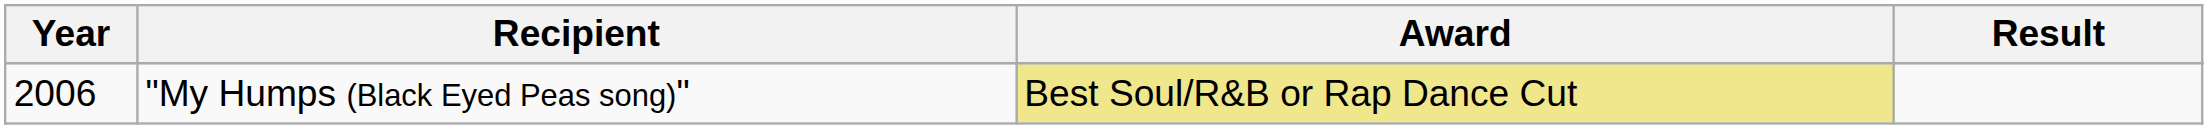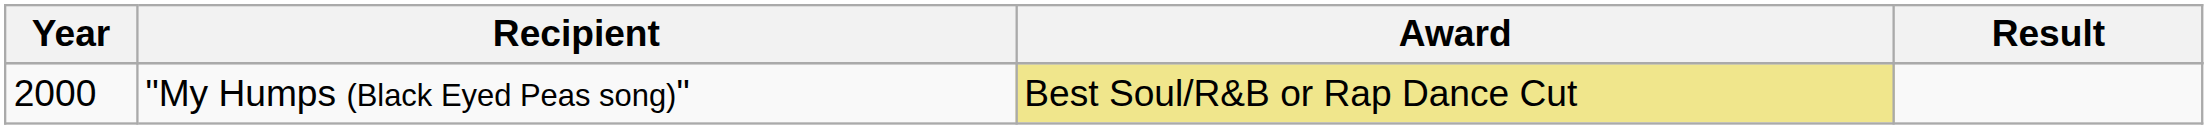 <table style="width: 75%;" class="wikitable">
 <tr>
 <th style="width:6%;">Year</th>
 <th style="width:40%;">Recipient</th>
 <th style="width:40%;">Award</th>
 <th style="width:14%;">Result</th>
 </tr>
 <tr>
 </tr>
 <tr>
-<td>2006</td>
+<td>2000</td>
 <td>"My Humps <small>(Black Eyed Peas song)</small>"</td>
 <td style="background: khaki;">Best Soul/R&B or Rap Dance Cut</td>
 <td></td>
 </tr>
 </table>
